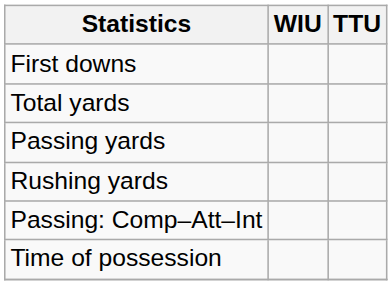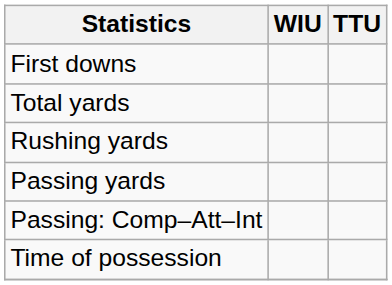 <table class="wikitable" style="float: left;">
 <tr>
 <th>Statistics</th>
 <th>WIU</th>
 <th>TTU</th>
 </tr>
 <tr>
 <td>First downs</td>
 <td></td>
 <td></td>
 </tr>
 <tr>
 <td>Total yards</td>
 <td></td>
 <td></td>
 </tr>
 <tr>
-<td>Passing yards</td>
+<td>Rushing yards</td>
 <td></td>
 <td></td>
 </tr>
 <tr>
-<td>Rushing yards</td>
+<td>Passing yards</td>
 <td></td>
 <td></td>
 </tr>
 <tr>
 <td>Passing: Comp–Att–Int</td>
 <td></td>
 <td></td>
 </tr>
 <tr>
 <td>Time of possession</td>
 <td></td>
 <td></td>
 </tr>
 <tr>
 </tr>
 </table>
